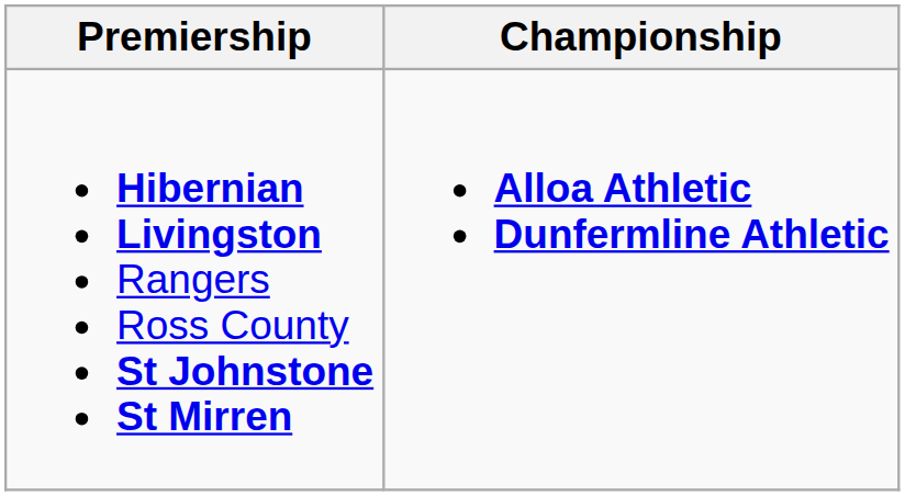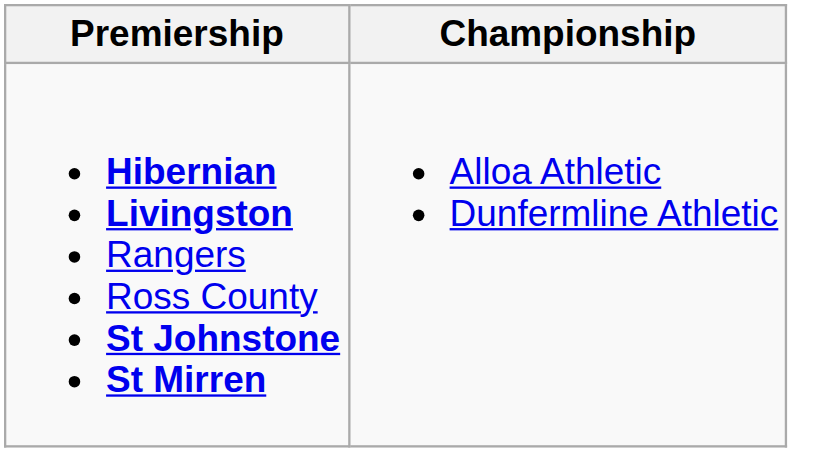 <table class="wikitable">
 <tr>
 <th>Premiership</th>
 <th>Championship</th>
 </tr>
 <tr>
 <td valign=top><br><ul><li><strong><a href='#'>Hibernian</a></strong></li><li><strong><a href='#'>Livingston</a></strong></li><li><a href='#'>Rangers</a></li><li><a href='#'>Ross County</a></li><li><strong><a href='#'>St Johnstone</a></strong></li><li><strong><a href='#'>St Mirren</a></strong></li></ul></td>
-<td valign=top><strong><br><ul><li><a href='#'>Alloa Athletic</a></li><li><a href='#'>Dunfermline Athletic</a></li></ul></strong></td>
+<td valign=top><br><ul><li><a href='#'>Alloa Athletic</a></li><li><a href='#'>Dunfermline Athletic</a></li></ul></td>
 </tr>
 </table>
